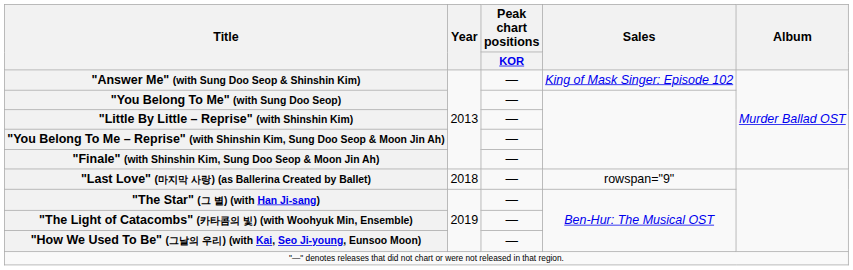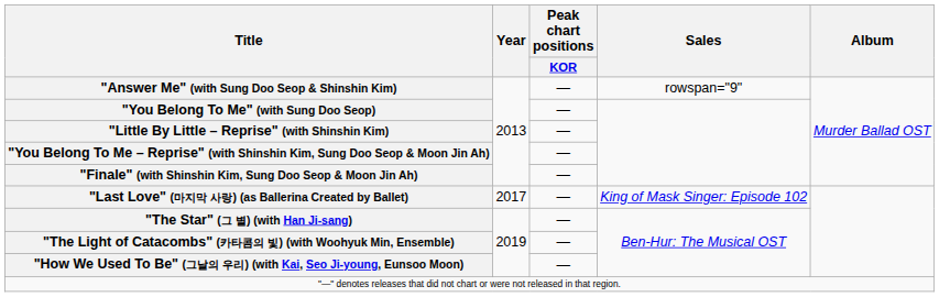 <table class="wikitable plainrowheaders" style="text-align:center">
 <tr>
 <th scope="col" rowspan="2">Title</th>
 <th scope="col" rowspan="2">Year</th>
 <th scope="col" colspan="1">Peak chart positions</th>
 <th scope="col" rowspan="2">Sales</th>
 <th scope="col" rowspan="2">Album</th>
 </tr>
 <tr>
 <th style="text-align:center; width:30px; font-size:90%;"><a href='#'>KOR</a><br></th>
 </tr>
 <tr>
 <th scope="row">"Answer Me" <small>(with Sung Doo Seop & Shinshin Kim)</small></th>
 <td rowspan="5">2013</td>
 <td>—</td>
-<td><em><a href='#'>King of Mask Singer: Episode 102</a></em></td>
+<td>rowspan="9" </td>
 <td rowspan="5"><em><a href='#'>Murder Ballad OST</a></em></td>
 </tr>
 <tr>
 <th scope="row">"You Belong To Me" <small>(with Sung Doo Seop)</small></th>
 <td>—</td>
 </tr>
 <tr>
 <th scope="row">"Little By Little – Reprise" <small>(with Shinshin Kim)</small></th>
 <td>—</td>
 </tr>
 <tr>
 <th scope="row">"You Belong To Me – Reprise" <small>(with Shinshin Kim, Sung Doo Seop & Moon Jin Ah)</small></th>
 <td>—</td>
 </tr>
 <tr>
 <th scope="row">"Finale" <small>(with Shinshin Kim, Sung Doo Seop & Moon Jin Ah)</small></th>
 <td>—</td>
 </tr>
 <tr>
 <th scope="row">"Last Love" <small>(마지막 사랑) (as Ballerina Created by Ballet)</small></th>
-<td>2018</td>
+<td>2017</td>
 <td>—</td>
-<td>rowspan="9" </td>
+<td><em><a href='#'>King of Mask Singer: Episode 102</a></em></td>
 </tr>
 <tr>
 <th scope="row">"The Star" <small>(그 별) (with <a href='#'>Han Ji-sang</a>)</small></th>
 <td rowspan="3">2019</td>
 <td>—</td>
 <td rowspan="3"><em><a href='#'>Ben-Hur: The Musical OST</a></em></td>
 </tr>
 <tr>
 <th scope="row">"The Light of Catacombs" <small>(카타콤의 빛) (with Woohyuk Min, Ensemble)</small></th>
 <td>—</td>
 </tr>
 <tr>
 <th scope="row">"How We Used To Be" <small>(그날의 우리) (with <a href='#'>Kai</a>, <a href='#'>Seo Ji-young</a>, Eunsoo Moon)</small></th>
 <td>—</td>
 </tr>
 <tr>
 <td colspan="5" style="font-size:8pt;">"—" denotes releases that did not chart or were not released in that region.</td>
 </tr>
 </table>
